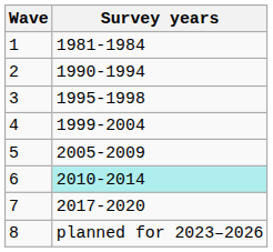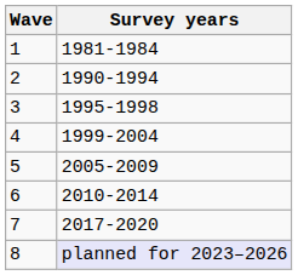 <table class=wikitable>
 <tr>
 <th>Wave</th>
 <th>Survey years</th>
 </tr>
 <tr>
 <td>1</td>
 <td>1981-1984</td>
 </tr>
 <tr>
 <td>2</td>
 <td>1990-1994</td>
 </tr>
 <tr>
 <td>3</td>
 <td>1995-1998</td>
 </tr>
 <tr>
 <td>4</td>
 <td>1999-2004</td>
 </tr>
 <tr>
 <td>5</td>
 <td>2005-2009</td>
 </tr>
 <tr>
 <td>6</td>
-<td style="background: paleturquoise;">2010-2014</td>
+<td>2010-2014</td>
 </tr>
 <tr>
 <td>7</td>
 <td>2017-2020</td>
 </tr>
 <tr>
 <td>8</td>
-<td>planned for 2023–2026</td>
+<td style="background: lavender;">planned for 2023–2026</td>
 </tr>
 </table>
